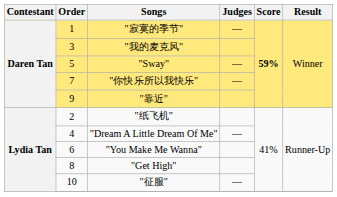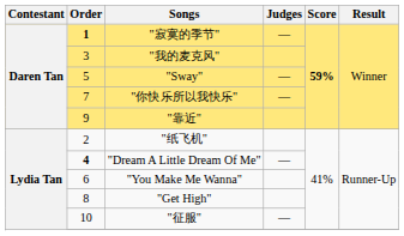 <table class="wikitable plainrowheaders" style="text-align:center;">
 <tr>
 <th>Contestant</th>
 <th>Order</th>
 <th>Songs</th>
 <th>Judges</th>
 <th>Score</th>
 <th>Result</th>
 </tr>
 <tr style="background:#ffe87c;">
 <th rowspan=5 scope="row">Daren Tan</th>
-<td>1</td>
+<td><strong>1</strong></td>
 <td>"寂寞的季节"</td>
 <td>—</td>
 <td rowspan=5><strong>59%</strong></td>
 <td rowspan=5>Winner</td>
 </tr>
 <tr style="background:#ffe87c;">
 <td>3</td>
 <td>"我的麦克风"</td>
 <td><strong></strong></td>
 </tr>
 <tr style="background:#ffe87c;">
 <td>5</td>
 <td>"Sway"</td>
 <td>—</td>
 </tr>
 <tr style="background:#ffe87c;">
 <td>7</td>
 <td>"你快乐所以我快乐"</td>
 <td>—</td>
 </tr>
 <tr style="background:#ffe87c;">
 <td>9</td>
 <td>"靠近"</td>
 <td><strong></strong></td>
 </tr>
 <tr>
 <th rowspan=6 scope="row">Lydia Tan</th>
 <td>2</td>
 <td>"纸飞机"</td>
 <td><strong></strong></td>
 <td rowspan=5>41%</td>
 <td rowspan=5>Runner-Up</td>
 </tr>
 <tr>
-<td>4</td>
+<td><strong>4</strong></td>
 <td>"Dream A Little Dream Of Me"</td>
 <td>—</td>
 </tr>
 <tr>
 <td>6</td>
 <td>"You Make Me Wanna"</td>
 <td><strong></strong></td>
 </tr>
 <tr>
 <td>8</td>
 <td>"Get High"</td>
 <td><strong></strong></td>
 </tr>
 <tr>
 <td>10</td>
 <td>"征服"</td>
 <td>—</td>
 </tr>
 <tr>
 </tr>
 </table>
